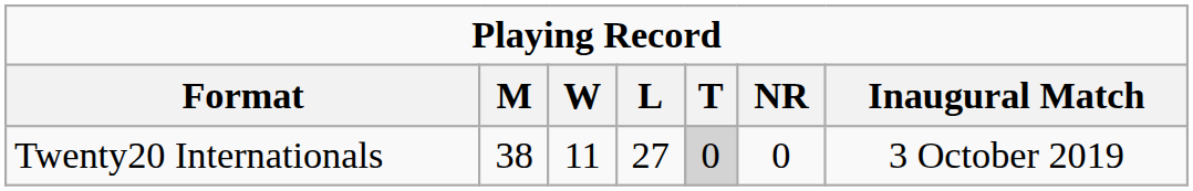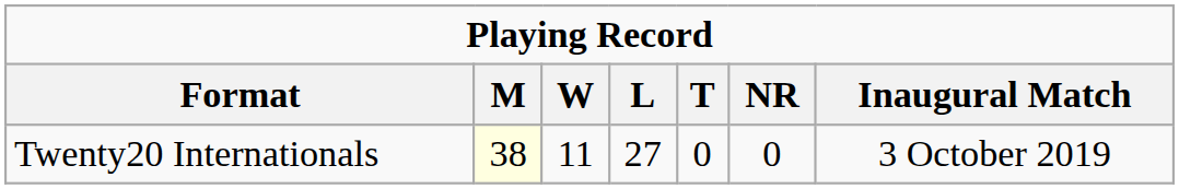 <table class="wikitable" style="text-align: center; width: 500px;">
 <tr>
 <td colspan=7 align="center"><strong>Playing Record</strong></td>
 </tr>
 <tr>
 <th>Format</th>
 <th>M</th>
 <th>W</th>
 <th>L</th>
 <th>T</th>
 <th>NR</th>
 <th>Inaugural Match</th>
 </tr>
 <tr>
 <td align="left">Twenty20 Internationals</td>
-<td>38</td>
+<td style="background: lightyellow;">38</td>
 <td>11</td>
 <td>27</td>
-<td style="background: lightgrey;">0</td>
+<td>0</td>
 <td>0</td>
 <td>3 October 2019</td>
 </tr>
 </table>
